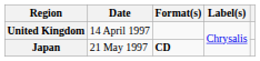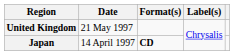 <table class="wikitable plainrowheaders">
 <tr>
 <th scope="col">Region</th>
 <th scope="col">Date</th>
 <th scope="col">Format(s)</th>
 <th scope="col">Label(s)</th>
 <th scope="col"></th>
 </tr>
 <tr>
 <th scope="row">United Kingdom</th>
-<td>14 April 1997</td>
+<td>21 May 1997</td>
 <td></td>
 <td rowspan="2"><a href='#'>Chrysalis</a></td>
 <td></td>
 </tr>
 <tr>
 <th scope="row">Japan</th>
-<td>21 May 1997</td>
+<td>14 April 1997</td>
 <td><strong>CD</strong></td>
 <td></td>
 </tr>
 </table>
